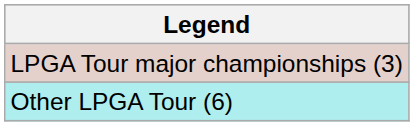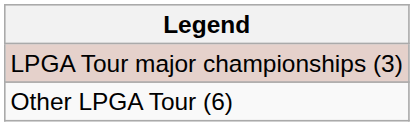 <table class="wikitable" style="font-size:95%;">
 <tr>
 <th>Legend</th>
 </tr>
 <tr style="background:#e5d1cb;">
 <td>LPGA Tour major championships (3)</td>
 </tr>
 <tr>
-<td style="background: paleturquoise;">Other LPGA Tour (6)</td>
+<td>Other LPGA Tour (6)</td>
 </tr>
 </table>
